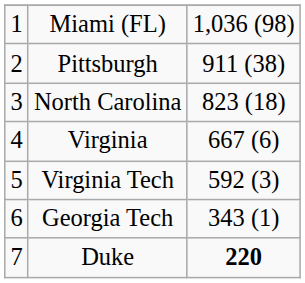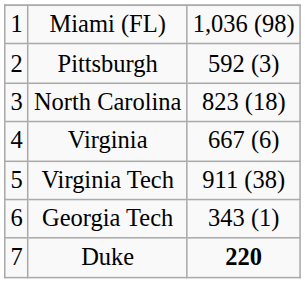 <table class="wikitable" style="display: inline-table; text-align:center;">
 <tr>
 </tr>
 <tr>
 <td>1</td>
 <td>Miami (FL)</td>
 <td>1,036 (98)</td>
 </tr>
 <tr>
 <td>2</td>
 <td>Pittsburgh</td>
-<td>911 (38)</td>
+<td>592 (3)</td>
 </tr>
 <tr>
 <td>3</td>
 <td>North Carolina</td>
 <td>823 (18)</td>
 </tr>
 <tr>
 <td>4</td>
 <td>Virginia</td>
 <td>667 (6)</td>
 </tr>
 <tr>
 <td>5</td>
 <td>Virginia Tech</td>
-<td>592 (3)</td>
+<td>911 (38)</td>
 </tr>
 <tr>
 <td>6</td>
 <td>Georgia Tech</td>
 <td>343 (1)</td>
 </tr>
 <tr>
 <td>7</td>
 <td>Duke</td>
 <td><strong>220</strong></td>
 </tr>
 </table>
